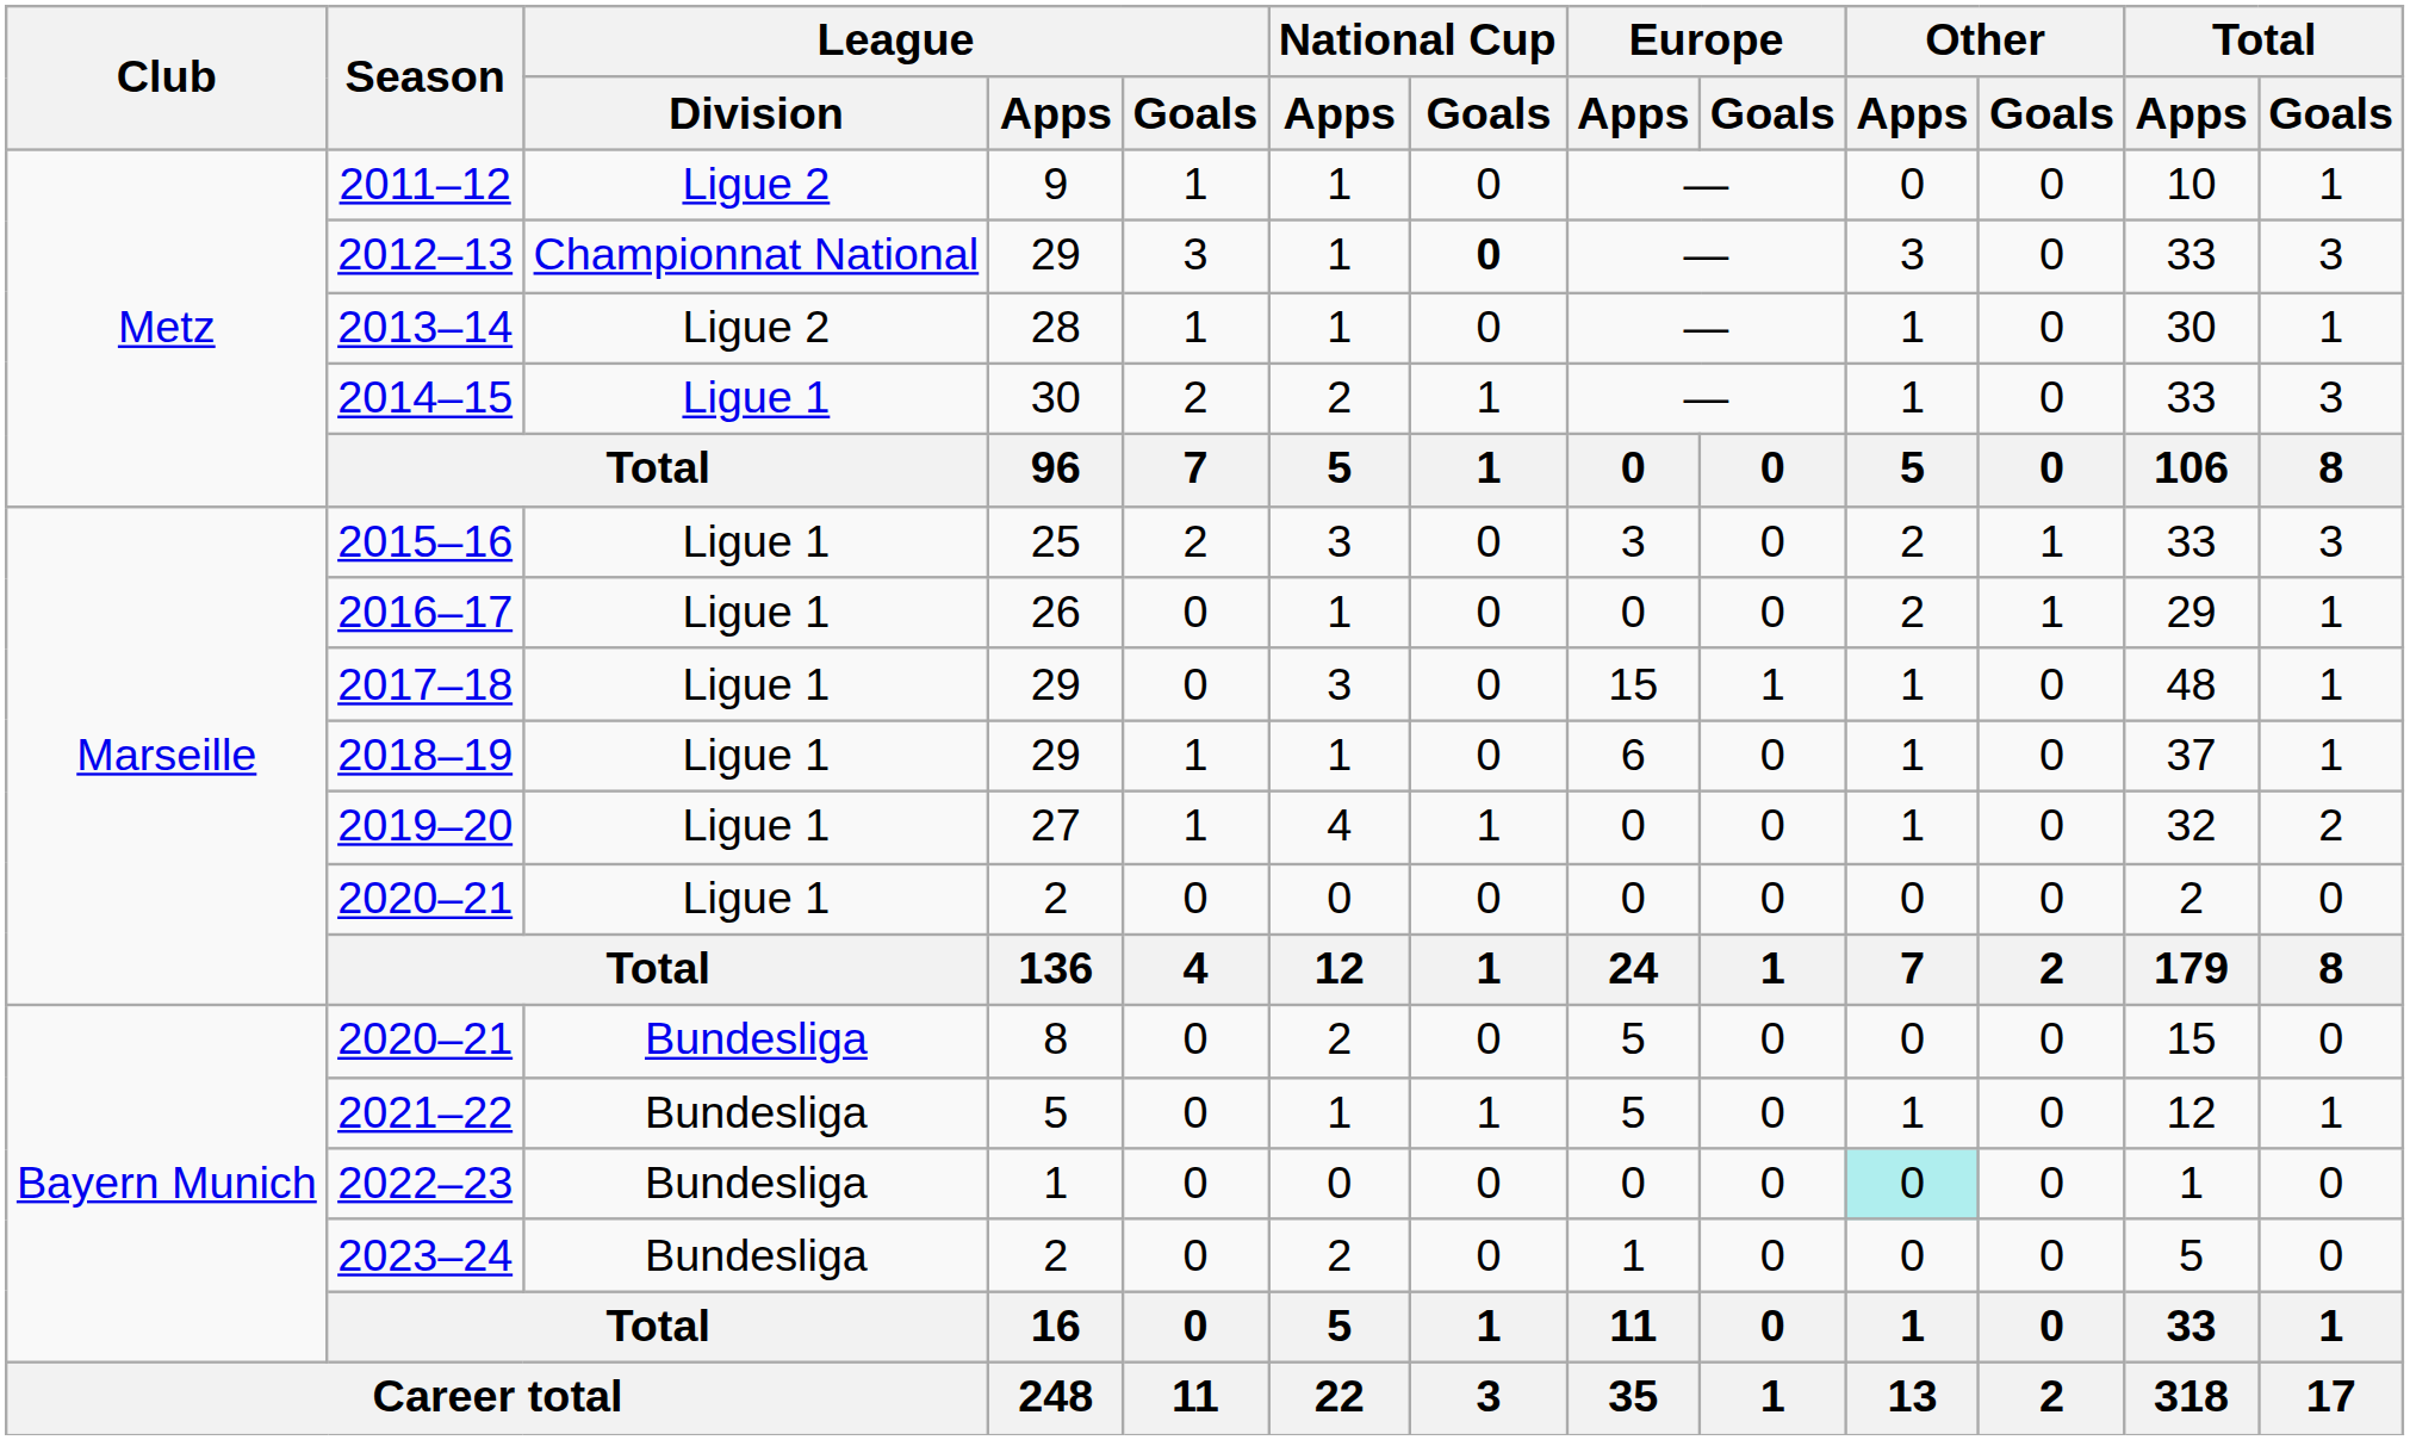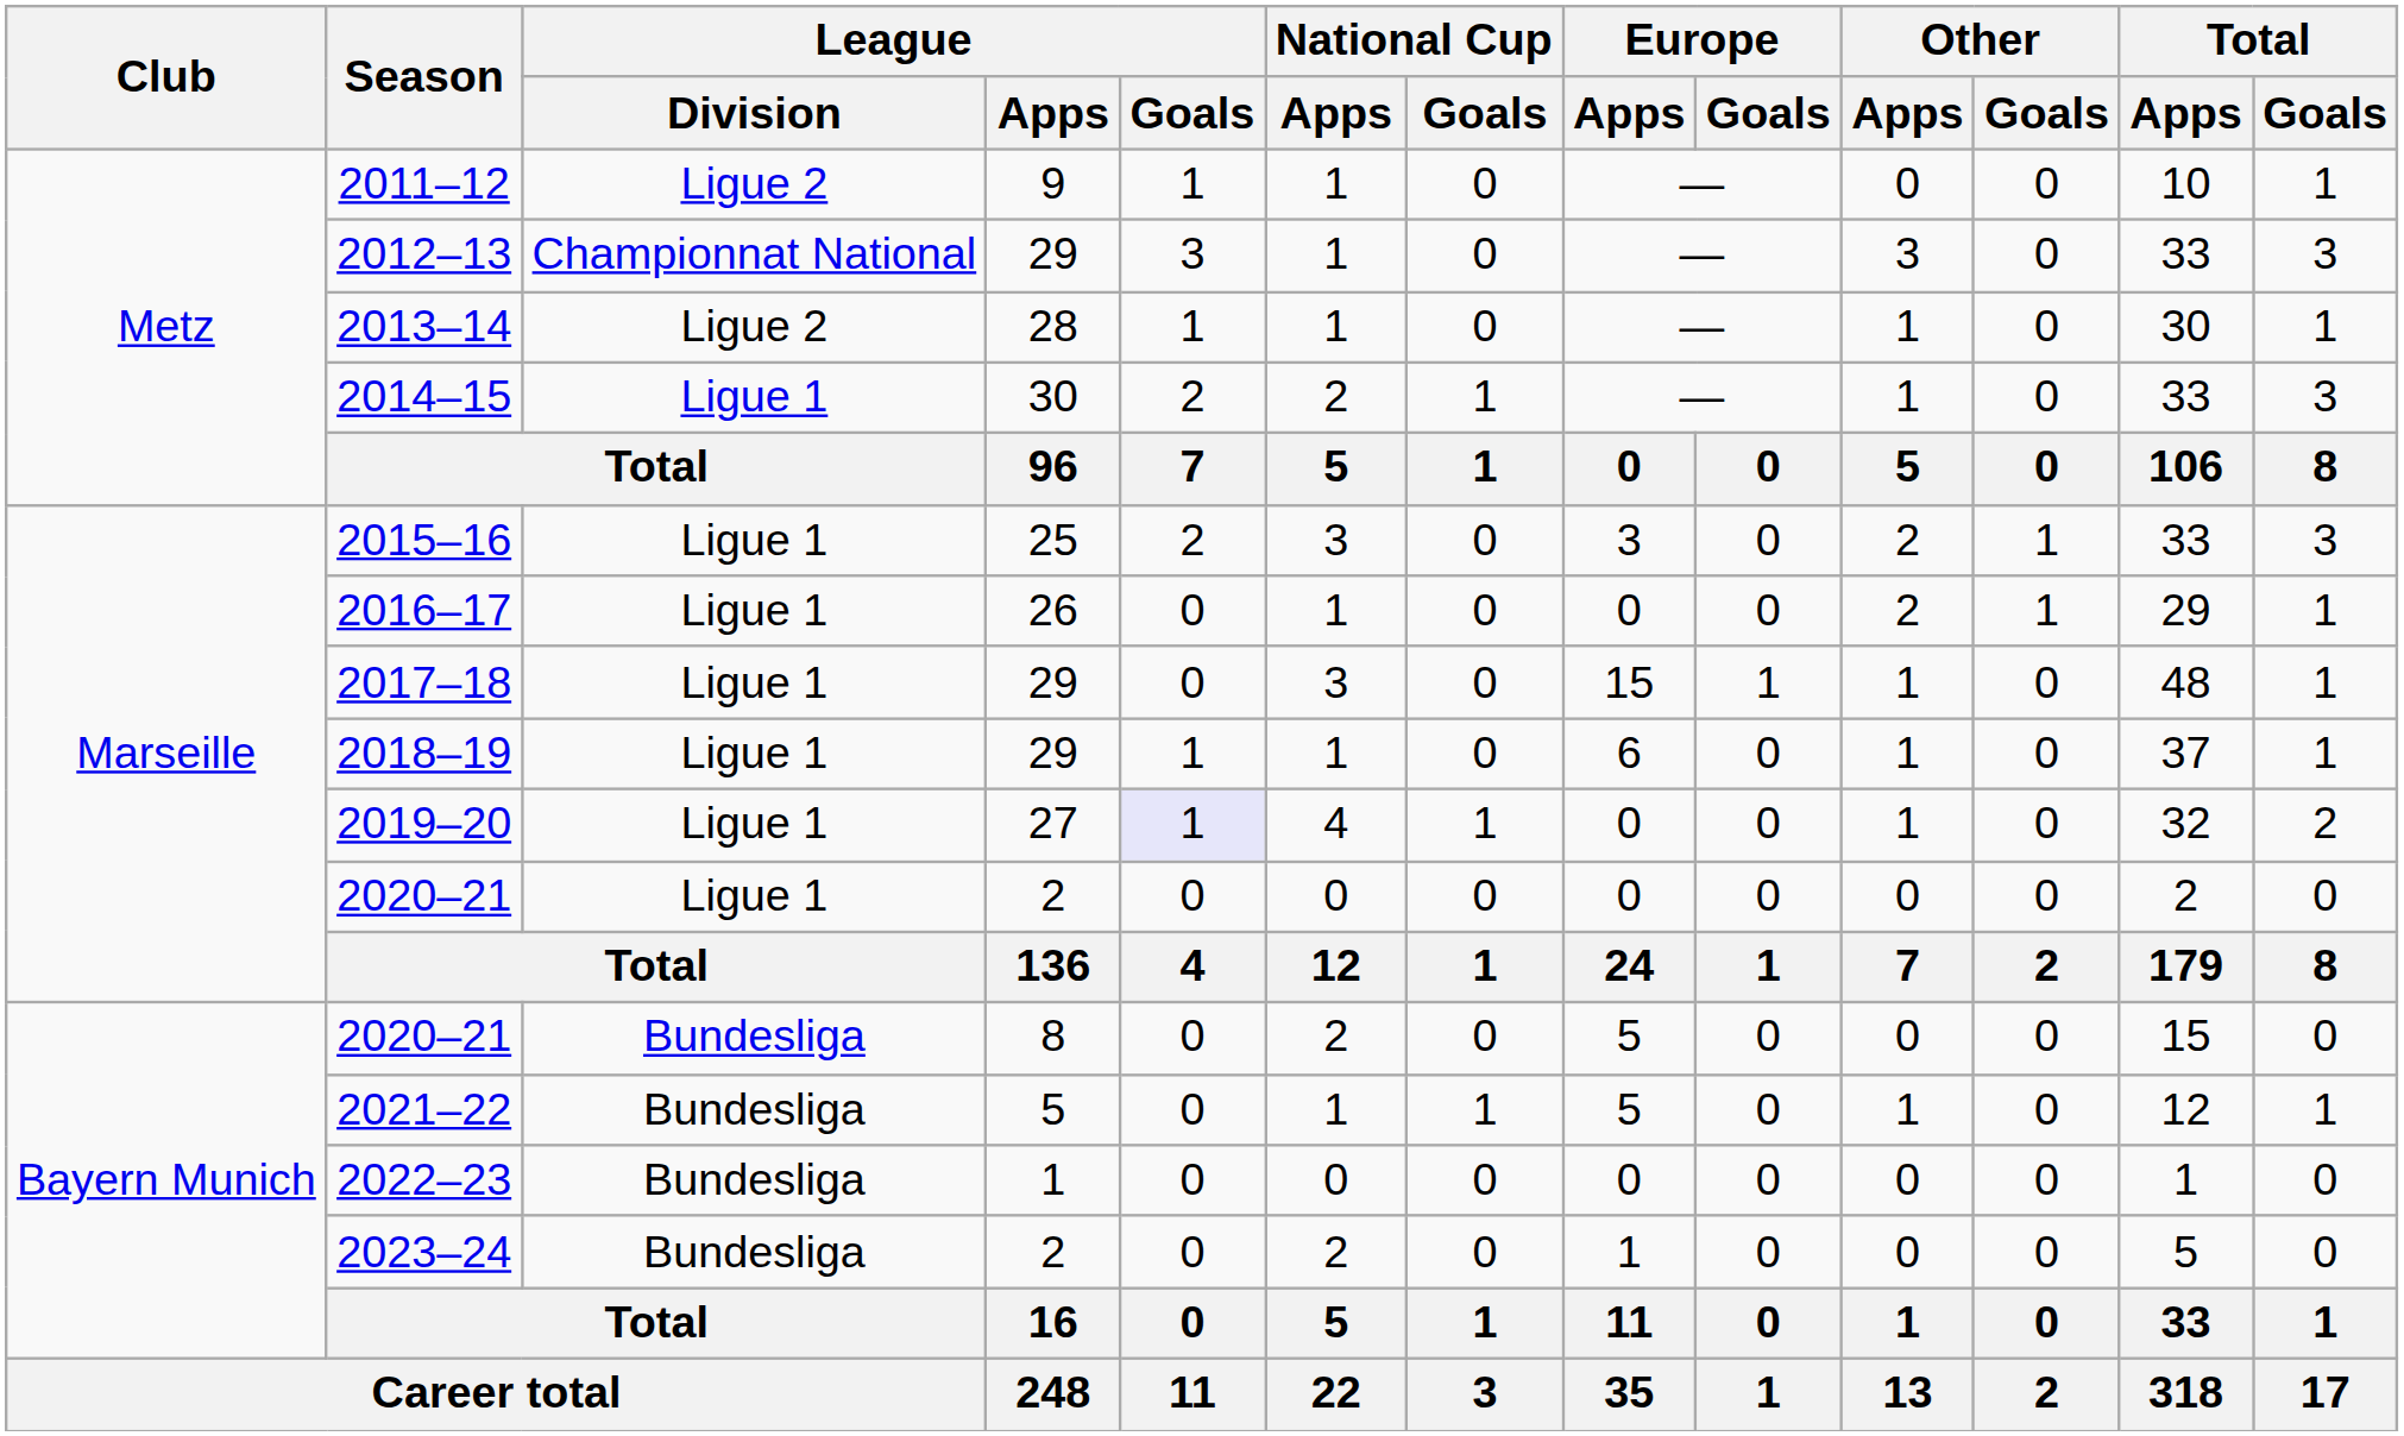 <table class="wikitable" style="text-align:center">
 <tr>
 <th rowspan="2">Club</th>
 <th rowspan="2">Season</th>
 <th colspan="3">League</th>
 <th colspan="2">National Cup</th>
 <th colspan="2">Europe</th>
 <th colspan="2">Other</th>
 <th colspan="2">Total</th>
 </tr>
 <tr>
 <th>Division</th>
 <th>Apps</th>
 <th>Goals</th>
 <th>Apps</th>
 <th>Goals</th>
 <th>Apps</th>
 <th>Goals</th>
 <th>Apps</th>
 <th>Goals</th>
 <th>Apps</th>
 <th>Goals</th>
 </tr>
 <tr>
 <td rowspan="5"><a href='#'>Metz</a></td>
 <td><a href='#'>2011–12</a></td>
 <td><a href='#'>Ligue 2</a></td>
 <td>9</td>
 <td>1</td>
 <td>1</td>
 <td>0</td>
 <td colspan="2">—</td>
 <td>0</td>
 <td>0</td>
 <td>10</td>
 <td>1</td>
 </tr>
 <tr>
 <td><a href='#'>2012–13</a></td>
 <td><a href='#'>Championnat National</a></td>
 <td>29</td>
 <td>3</td>
 <td>1</td>
-<td><strong>0</strong></td>
+<td>0</td>
 <td colspan="2">—</td>
 <td>3</td>
 <td>0</td>
 <td>33</td>
 <td>3</td>
 </tr>
 <tr>
 <td><a href='#'>2013–14</a></td>
 <td>Ligue 2</td>
 <td>28</td>
 <td>1</td>
 <td>1</td>
 <td>0</td>
 <td colspan="2">—</td>
 <td>1</td>
 <td>0</td>
 <td>30</td>
 <td>1</td>
 </tr>
 <tr>
 <td><a href='#'>2014–15</a></td>
 <td><a href='#'>Ligue 1</a></td>
 <td>30</td>
 <td>2</td>
 <td>2</td>
 <td>1</td>
 <td colspan="2">—</td>
 <td>1</td>
 <td>0</td>
 <td>33</td>
 <td>3</td>
 </tr>
 <tr>
 <th colspan="2">Total</th>
 <th>96</th>
 <th>7</th>
 <th>5</th>
 <th>1</th>
 <th>0</th>
 <th>0</th>
 <th>5</th>
 <th>0</th>
 <th>106</th>
 <th>8</th>
 </tr>
 <tr>
 <td rowspan="7"><a href='#'>Marseille</a></td>
 <td><a href='#'>2015–16</a></td>
 <td>Ligue 1</td>
 <td>25</td>
 <td>2</td>
 <td>3</td>
 <td>0</td>
 <td>3</td>
 <td>0</td>
 <td>2</td>
 <td>1</td>
 <td>33</td>
 <td>3</td>
 </tr>
 <tr>
 <td><a href='#'>2016–17</a></td>
 <td>Ligue 1</td>
 <td>26</td>
 <td>0</td>
 <td>1</td>
 <td>0</td>
 <td>0</td>
 <td>0</td>
 <td>2</td>
 <td>1</td>
 <td>29</td>
 <td>1</td>
 </tr>
 <tr>
 <td><a href='#'>2017–18</a></td>
 <td>Ligue 1</td>
 <td>29</td>
 <td>0</td>
 <td>3</td>
 <td>0</td>
 <td>15</td>
 <td>1</td>
 <td>1</td>
 <td>0</td>
 <td>48</td>
 <td>1</td>
 </tr>
 <tr>
 <td><a href='#'>2018–19</a></td>
 <td>Ligue 1</td>
 <td>29</td>
 <td>1</td>
 <td>1</td>
 <td>0</td>
 <td>6</td>
 <td>0</td>
 <td>1</td>
 <td>0</td>
 <td>37</td>
 <td>1</td>
 </tr>
 <tr>
 <td><a href='#'>2019–20</a></td>
 <td>Ligue 1</td>
 <td>27</td>
-<td>1</td>
+<td style="background: lavender;">1</td>
 <td>4</td>
 <td>1</td>
 <td>0</td>
 <td>0</td>
 <td>1</td>
 <td>0</td>
 <td>32</td>
 <td>2</td>
 </tr>
 <tr>
 <td><a href='#'>2020–21</a></td>
 <td>Ligue 1</td>
 <td>2</td>
 <td>0</td>
 <td>0</td>
 <td>0</td>
 <td>0</td>
 <td>0</td>
 <td>0</td>
 <td>0</td>
 <td>2</td>
 <td>0</td>
 </tr>
 <tr>
 <th colspan="2">Total</th>
 <th>136</th>
 <th>4</th>
 <th>12</th>
 <th>1</th>
 <th>24</th>
 <th>1</th>
 <th>7</th>
 <th>2</th>
 <th>179</th>
 <th>8</th>
 </tr>
 <tr>
 <td rowspan="5"><a href='#'>Bayern Munich</a></td>
 <td><a href='#'>2020–21</a></td>
 <td><a href='#'>Bundesliga</a></td>
 <td>8</td>
 <td>0</td>
 <td>2</td>
 <td>0</td>
 <td>5</td>
 <td>0</td>
 <td>0</td>
 <td>0</td>
 <td>15</td>
 <td>0</td>
 </tr>
 <tr>
 <td><a href='#'>2021–22</a></td>
 <td>Bundesliga</td>
 <td>5</td>
 <td>0</td>
 <td>1</td>
 <td>1</td>
 <td>5</td>
 <td>0</td>
 <td>1</td>
 <td>0</td>
 <td>12</td>
 <td>1</td>
 </tr>
 <tr>
 <td><a href='#'>2022–23</a></td>
 <td>Bundesliga</td>
 <td>1</td>
 <td>0</td>
 <td>0</td>
 <td>0</td>
 <td>0</td>
 <td>0</td>
-<td style="background: paleturquoise;">0</td>
+<td>0</td>
 <td>0</td>
 <td>1</td>
 <td>0</td>
 </tr>
 <tr>
 <td><a href='#'>2023–24</a></td>
 <td>Bundesliga</td>
 <td>2</td>
 <td>0</td>
 <td>2</td>
 <td>0</td>
 <td>1</td>
 <td>0</td>
 <td>0</td>
 <td>0</td>
 <td>5</td>
 <td>0</td>
 </tr>
 <tr>
 <th colspan="2">Total</th>
 <th>16</th>
 <th>0</th>
 <th>5</th>
 <th>1</th>
 <th>11</th>
 <th>0</th>
 <th>1</th>
 <th>0</th>
 <th>33</th>
 <th>1</th>
 </tr>
 <tr>
 <th colspan="3">Career total</th>
 <th>248</th>
 <th>11</th>
 <th>22</th>
 <th>3</th>
 <th>35</th>
 <th>1</th>
 <th>13</th>
 <th>2</th>
 <th>318</th>
 <th>17</th>
 </tr>
 </table>
